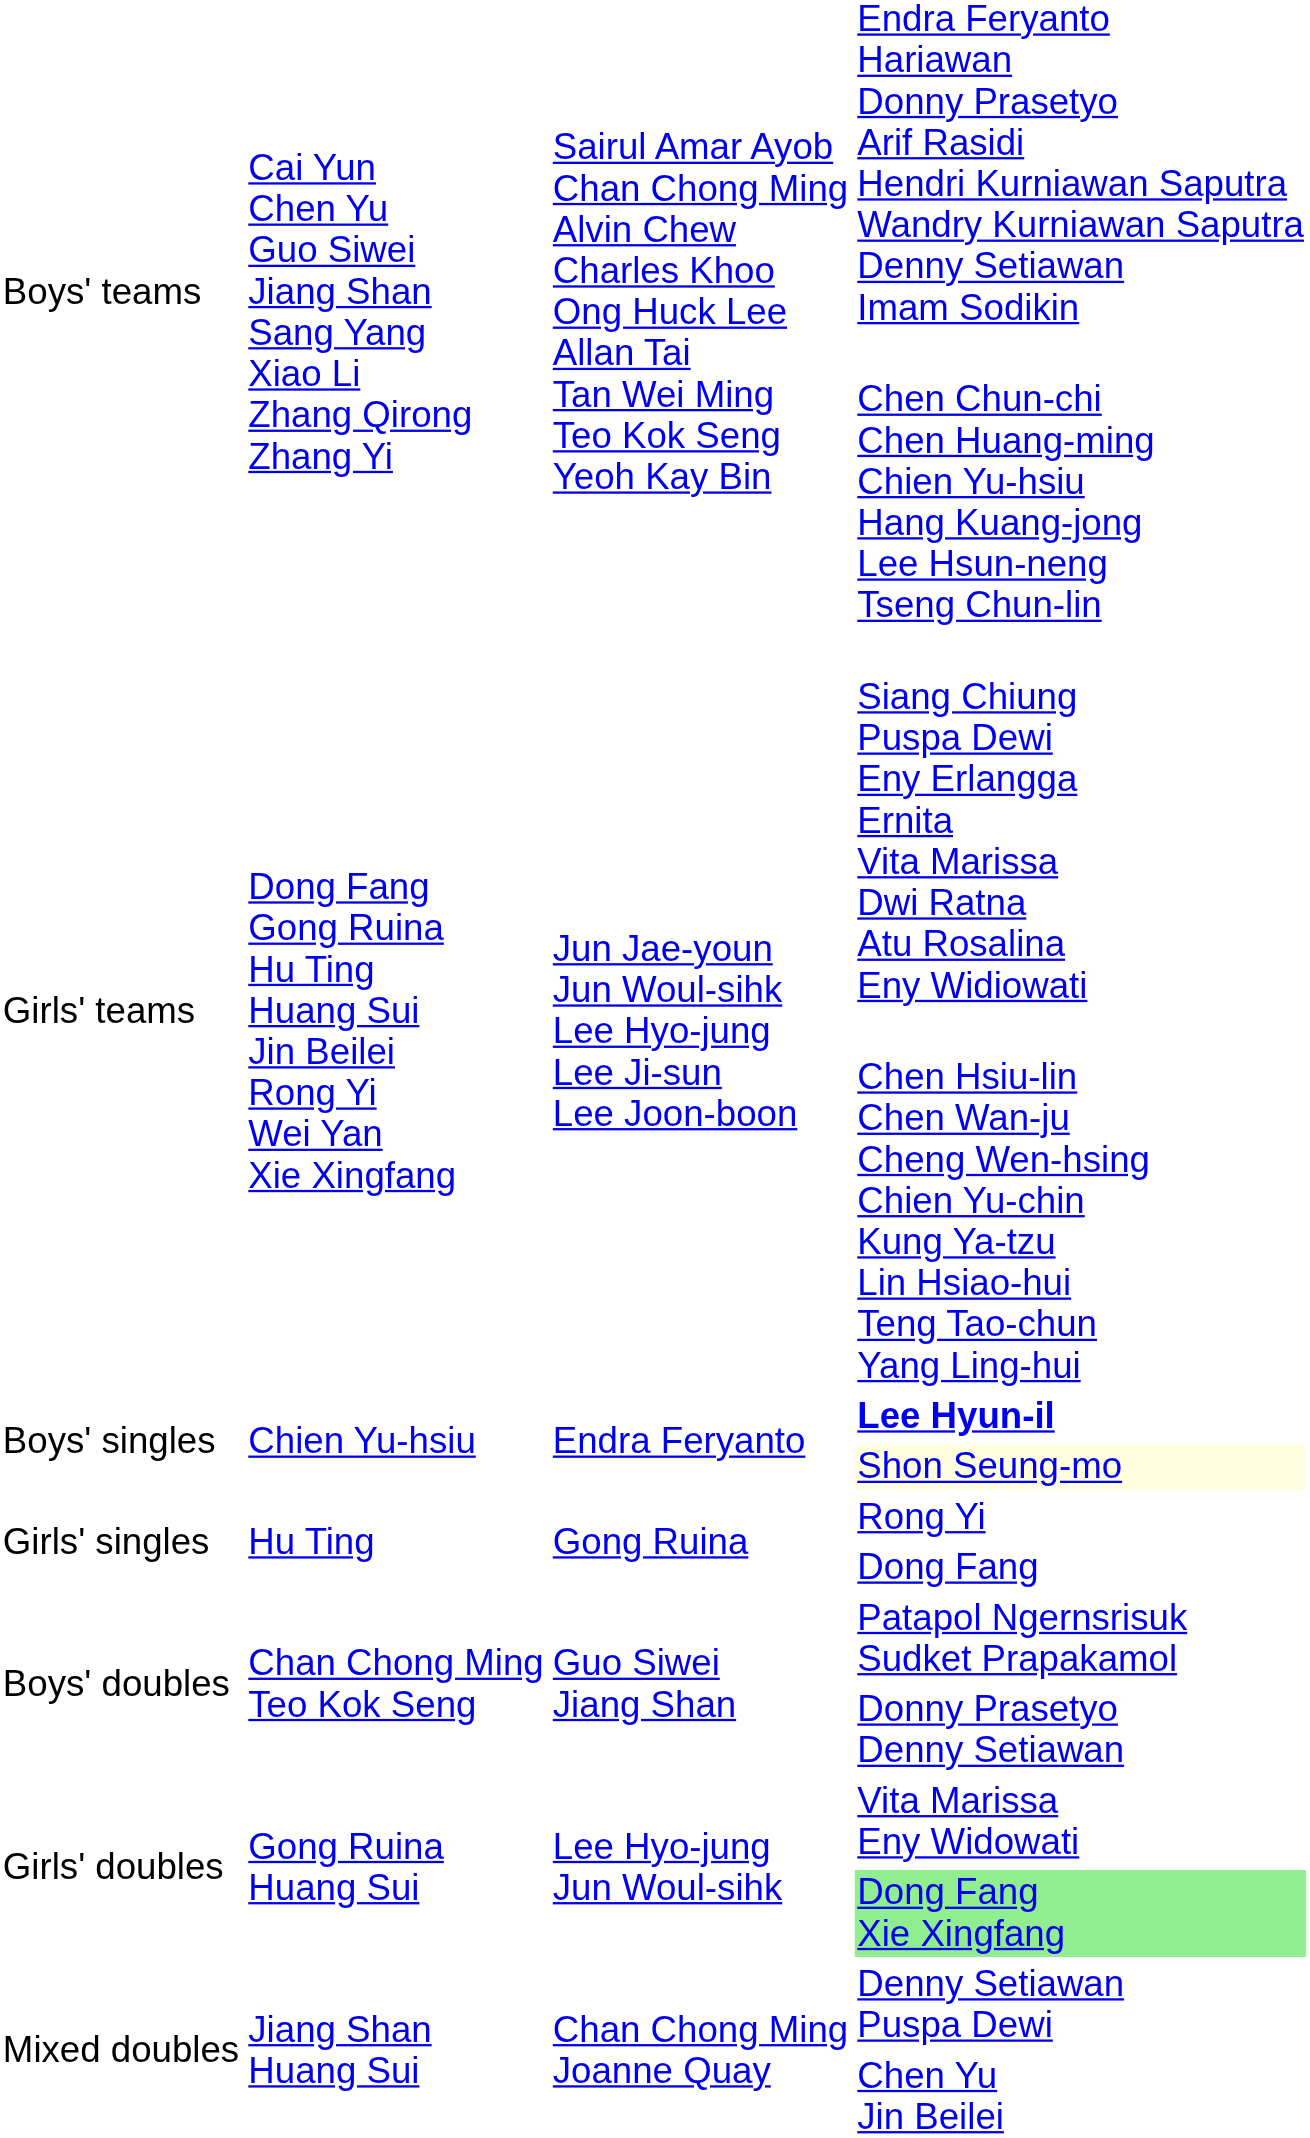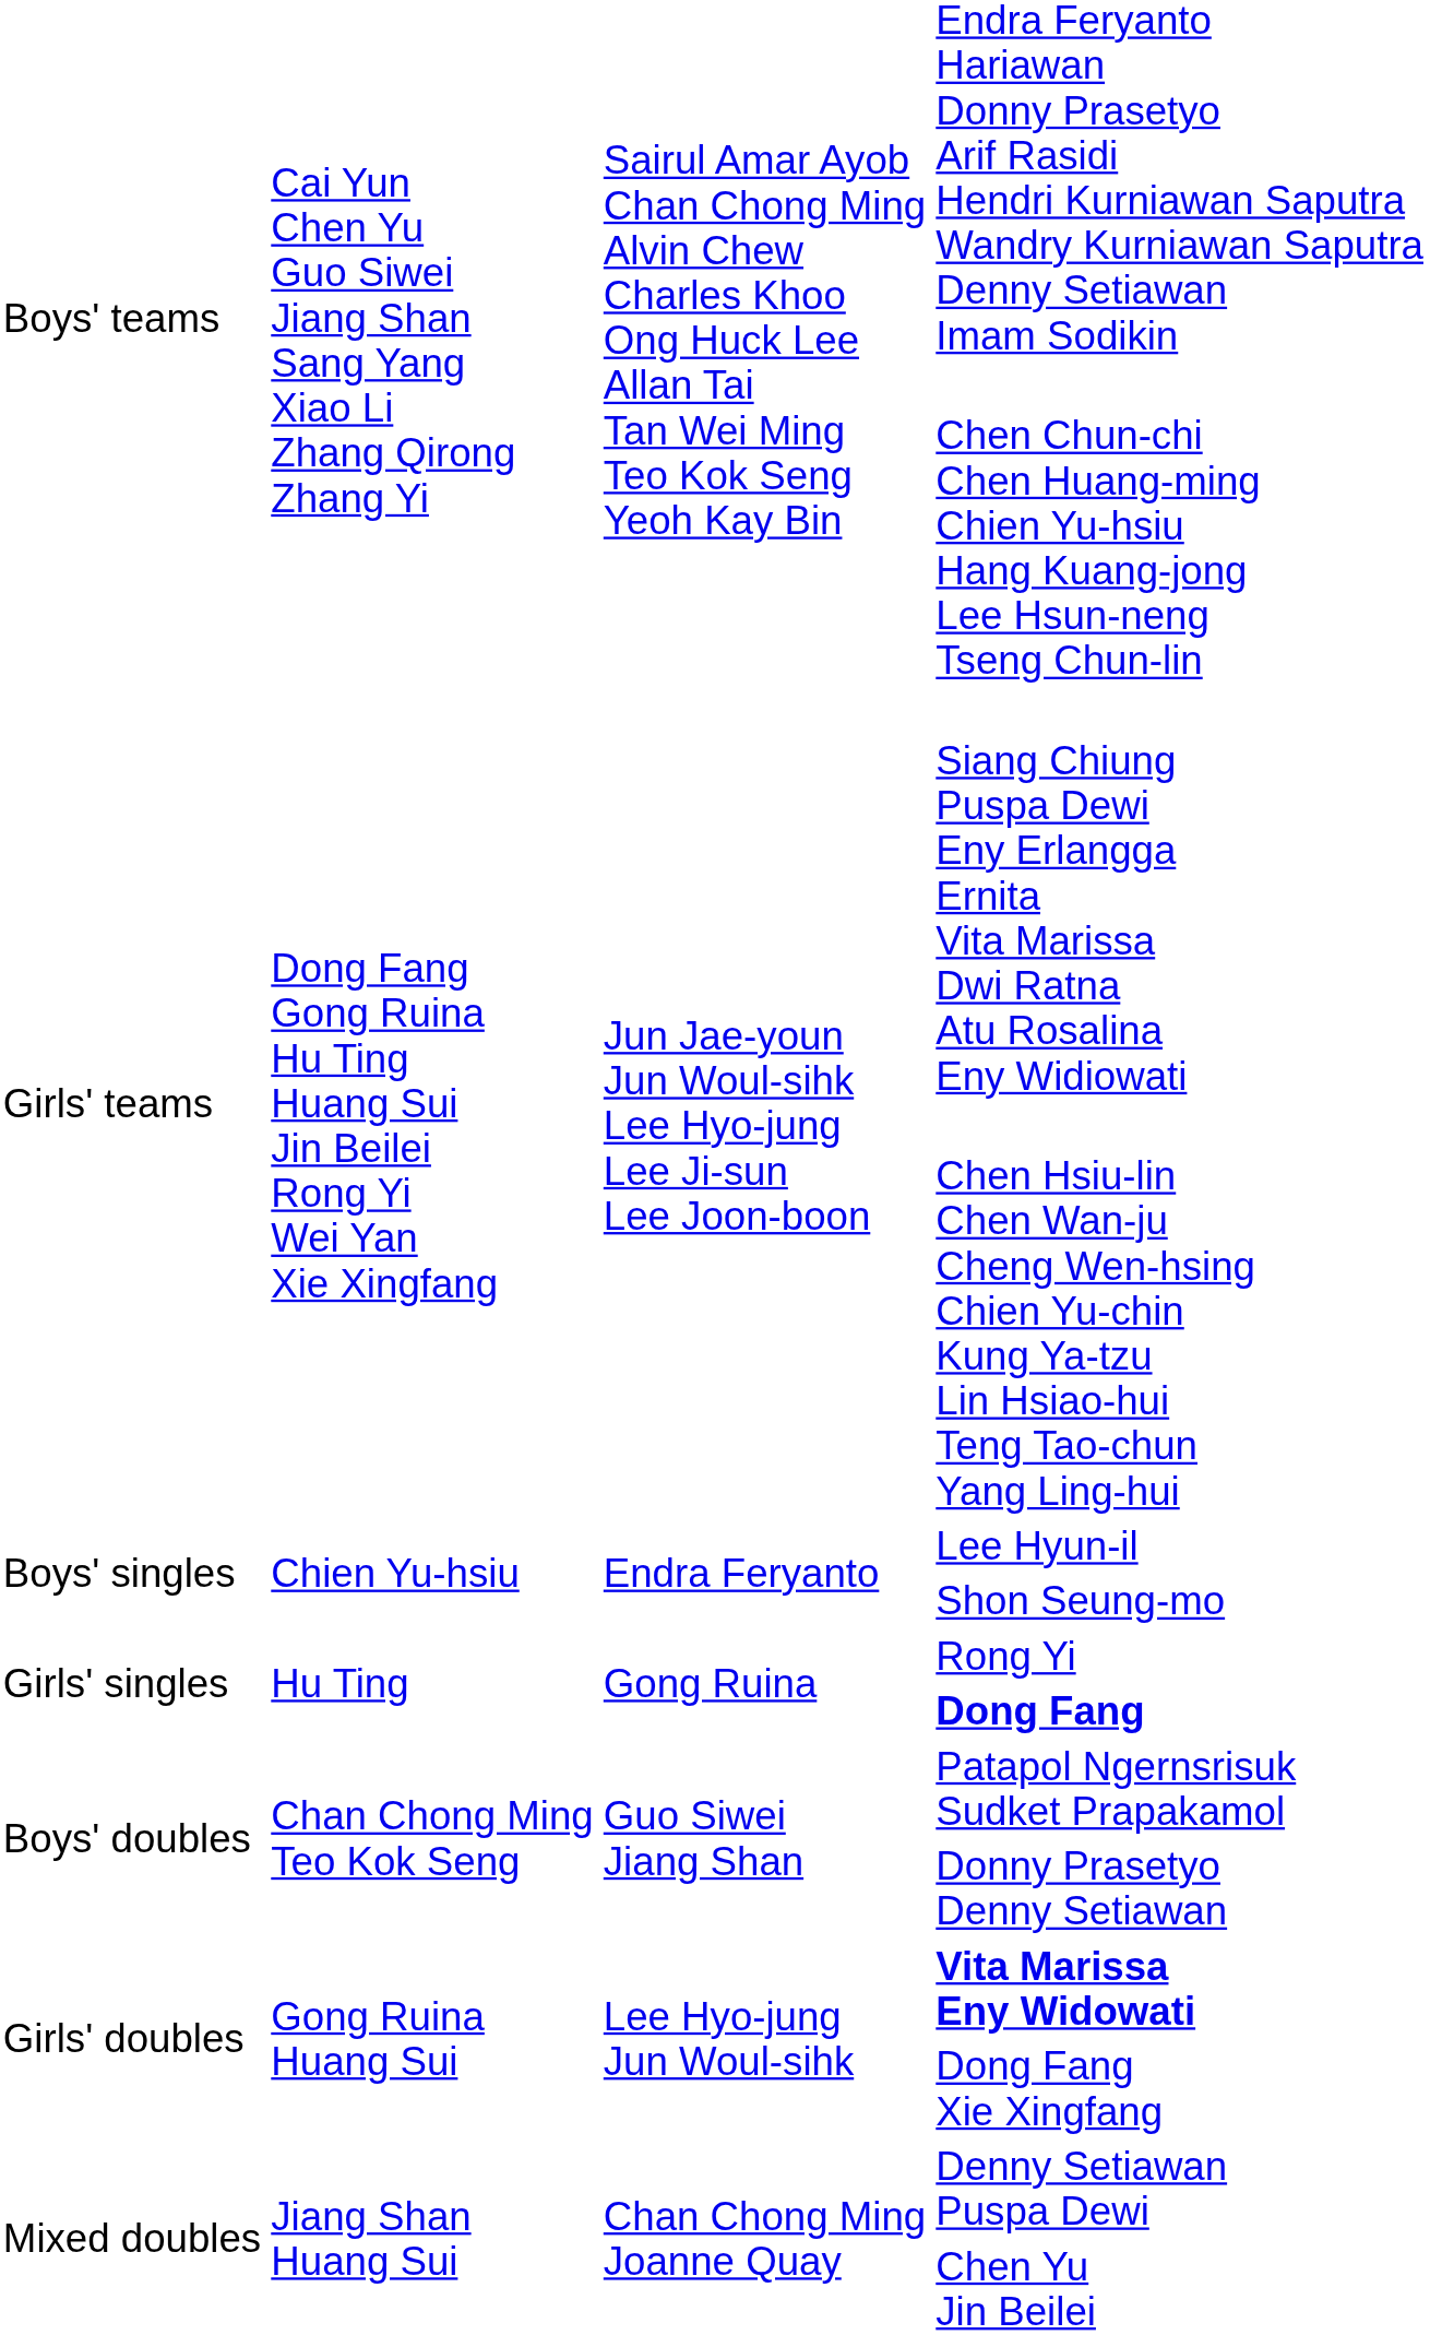 <table>
 <tr>
 <td rowspan=2>Boys' teams<br></td>
 <td rowspan=2><br><a href='#'>Cai Yun</a><br><a href='#'>Chen Yu</a><br><a href='#'>Guo Siwei</a><br><a href='#'>Jiang Shan</a><br><a href='#'>Sang Yang</a><br><a href='#'>Xiao Li</a><br><a href='#'>Zhang Qirong</a><br><a href='#'>Zhang Yi</a></td>
 <td rowspan=2><br><a href='#'>Sairul Amar Ayob</a><br><a href='#'>Chan Chong Ming</a><br><a href='#'>Alvin Chew</a><br><a href='#'>Charles Khoo</a><br><a href='#'>Ong Huck Lee</a><br><a href='#'>Allan Tai</a><br><a href='#'>Tan Wei Ming</a><br><a href='#'>Teo Kok Seng</a><br><a href='#'>Yeoh Kay Bin</a></td>
 <td><br><a href='#'>Endra Feryanto</a><br><a href='#'>Hariawan</a><br><a href='#'>Donny Prasetyo</a><br><a href='#'>Arif Rasidi</a><br><a href='#'>Hendri Kurniawan Saputra</a><br><a href='#'>Wandry Kurniawan Saputra</a><br><a href='#'>Denny Setiawan</a><br><a href='#'>Imam Sodikin</a></td>
 </tr>
 <tr>
 <td><br><a href='#'>Chen Chun-chi</a><br><a href='#'>Chen Huang-ming</a><br><a href='#'>Chien Yu-hsiu</a><br><a href='#'>Hang Kuang-jong</a><br><a href='#'>Lee Hsun-neng</a><br><a href='#'>Tseng Chun-lin</a></td>
 </tr>
 <tr>
 <td rowspan=2>Girls' teams<br></td>
 <td rowspan=2><br><a href='#'>Dong Fang</a><br><a href='#'>Gong Ruina</a><br><a href='#'>Hu Ting</a><br><a href='#'>Huang Sui</a><br><a href='#'>Jin Beilei</a><br><a href='#'>Rong Yi</a><br><a href='#'>Wei Yan</a><br><a href='#'>Xie Xingfang</a></td>
 <td rowspan=2><br><a href='#'>Jun Jae-youn</a><br><a href='#'>Jun Woul-sihk</a><br><a href='#'>Lee Hyo-jung</a><br><a href='#'>Lee Ji-sun</a><br><a href='#'>Lee Joon-boon</a></td>
 <td><br><a href='#'>Siang Chiung</a><br><a href='#'>Puspa Dewi</a><br><a href='#'>Eny Erlangga</a><br><a href='#'>Ernita</a><br><a href='#'>Vita Marissa</a><br><a href='#'>Dwi Ratna</a><br><a href='#'>Atu Rosalina</a><br><a href='#'>Eny Widiowati</a></td>
 </tr>
 <tr>
 <td><br><a href='#'>Chen Hsiu-lin</a><br><a href='#'>Chen Wan-ju</a><br><a href='#'>Cheng Wen-hsing</a><br><a href='#'>Chien Yu-chin</a><br><a href='#'>Kung Ya-tzu</a><br><a href='#'>Lin Hsiao-hui</a><br><a href='#'>Teng Tao-chun</a><br><a href='#'>Yang Ling-hui</a></td>
 </tr>
 <tr>
 <td rowspan=2>Boys' singles</td>
 <td rowspan=2> <a href='#'>Chien Yu-hsiu</a></td>
 <td rowspan=2> <a href='#'>Endra Feryanto</a></td>
-<td><strong> <a href='#'>Lee Hyun-il</a></strong></td>
+<td> <a href='#'>Lee Hyun-il</a></td>
 </tr>
 <tr>
-<td style="background: lightyellow;"> <a href='#'>Shon Seung-mo</a></td>
+<td> <a href='#'>Shon Seung-mo</a></td>
 </tr>
 <tr>
 <td rowspan=2>Girls' singles</td>
 <td rowspan=2> <a href='#'>Hu Ting</a></td>
 <td rowspan=2> <a href='#'>Gong Ruina</a></td>
 <td> <a href='#'>Rong Yi</a></td>
 </tr>
 <tr>
-<td> <a href='#'>Dong Fang</a></td>
+<td><strong> <a href='#'>Dong Fang</a></strong></td>
 </tr>
 <tr>
 <td rowspan=2>Boys' doubles</td>
 <td rowspan=2> <a href='#'>Chan Chong Ming</a><br> <a href='#'>Teo Kok Seng</a></td>
 <td rowspan=2> <a href='#'>Guo Siwei</a><br> <a href='#'>Jiang Shan</a></td>
 <td> <a href='#'>Patapol Ngernsrisuk</a><br> <a href='#'>Sudket Prapakamol</a></td>
 </tr>
 <tr>
 <td> <a href='#'>Donny Prasetyo</a><br> <a href='#'>Denny Setiawan</a></td>
 </tr>
 <tr>
 <td rowspan=2>Girls' doubles</td>
 <td rowspan=2> <a href='#'>Gong Ruina</a><br> <a href='#'>Huang Sui</a></td>
 <td rowspan=2> <a href='#'>Lee Hyo-jung</a><br> <a href='#'>Jun Woul-sihk</a></td>
-<td> <a href='#'>Vita Marissa</a><br> <a href='#'>Eny Widowati</a></td>
+<td><strong> <a href='#'>Vita Marissa</a><br> <a href='#'>Eny Widowati</a></strong></td>
 </tr>
 <tr>
-<td style="background: lightgreen;"> <a href='#'>Dong Fang</a><br> <a href='#'>Xie Xingfang</a></td>
+<td> <a href='#'>Dong Fang</a><br> <a href='#'>Xie Xingfang</a></td>
 </tr>
 <tr>
 <td rowspan=2>Mixed doubles</td>
 <td rowspan=2> <a href='#'>Jiang Shan</a><br> <a href='#'>Huang Sui</a></td>
 <td rowspan=2> <a href='#'>Chan Chong Ming</a><br> <a href='#'>Joanne Quay</a></td>
 <td> <a href='#'>Denny Setiawan</a><br> <a href='#'>Puspa Dewi</a></td>
 </tr>
 <tr>
 <td> <a href='#'>Chen Yu</a><br> <a href='#'>Jin Beilei</a></td>
 </tr>
 </table>
